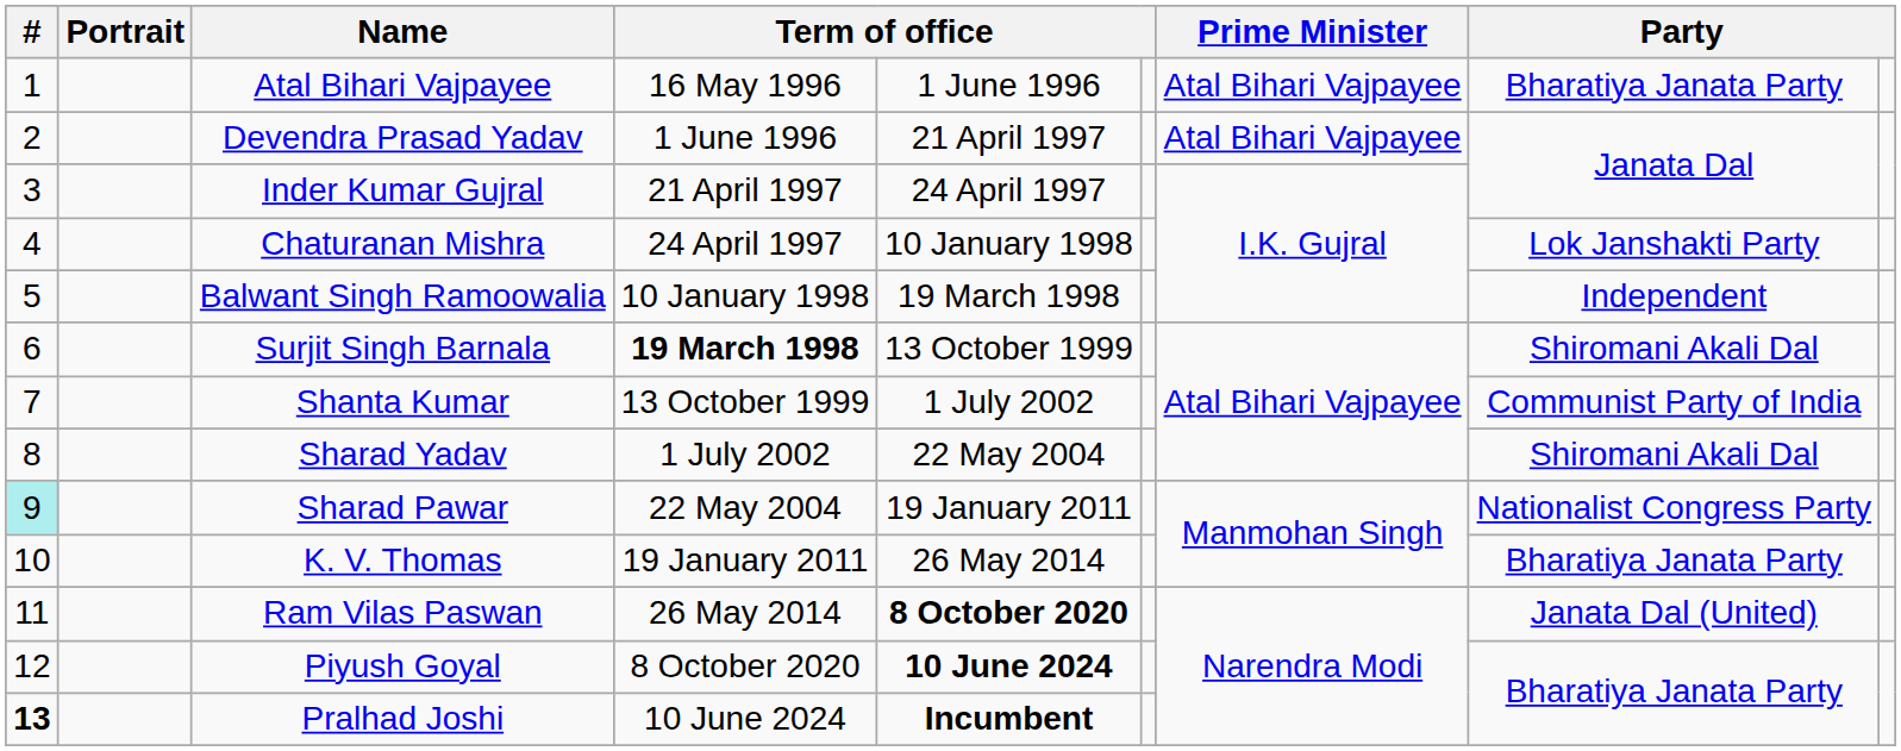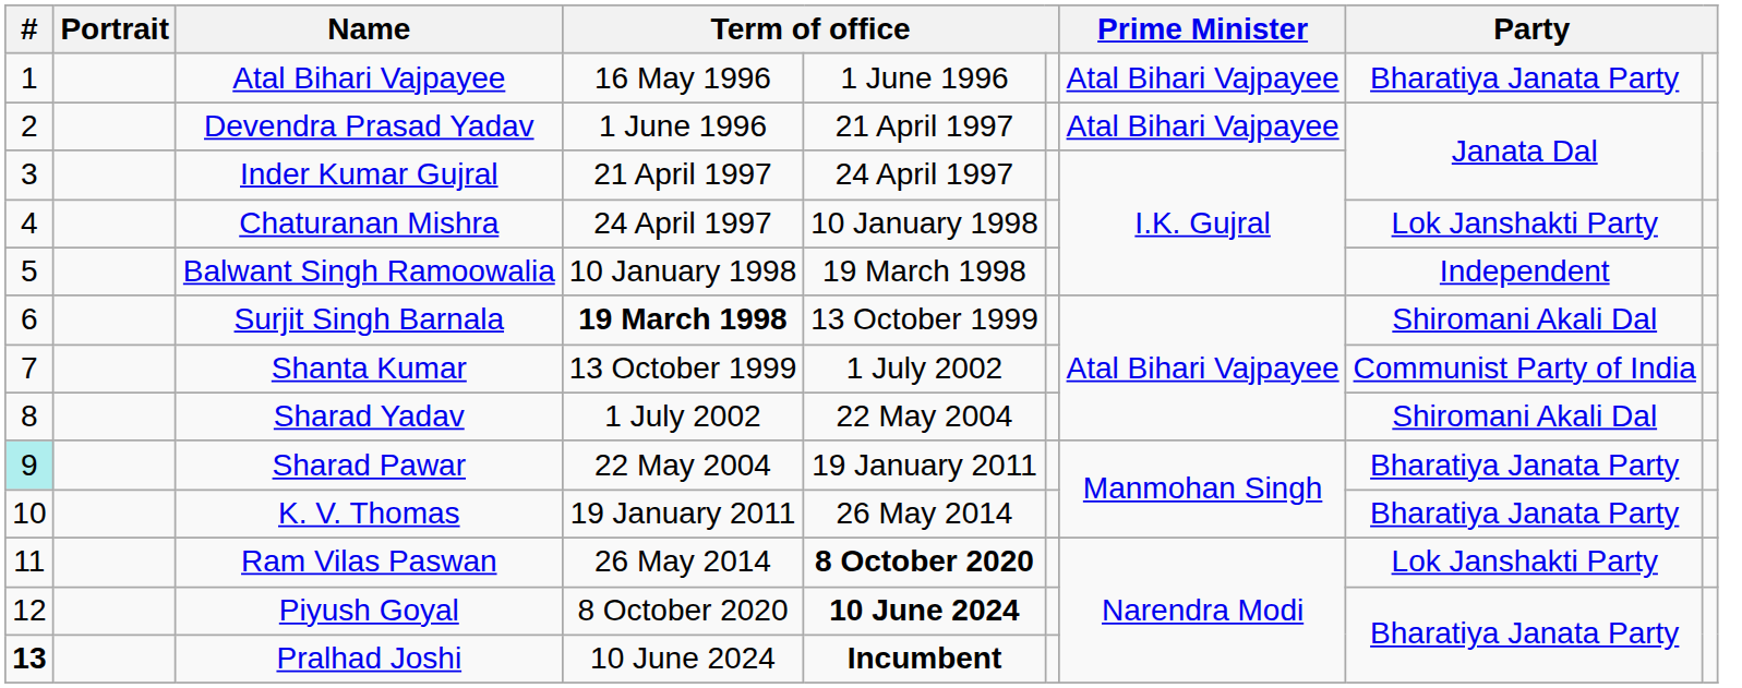 <table class="wikitable" style="text-align:center">
 <tr>
 <th>#</th>
 <th>Portrait</th>
 <th>Name</th>
 <th colspan="3">Term of office</th>
 <th><a href='#'>Prime Minister</a></th>
 <th colspan="2">Party</th>
 </tr>
 <tr>
 <td>1</td>
 <td></td>
 <td><a href='#'>Atal Bihari Vajpayee</a></td>
 <td>16 May 1996</td>
 <td>1 June 1996</td>
 <td></td>
 <td><a href='#'>Atal Bihari Vajpayee</a></td>
 <td><a href='#'>Bharatiya Janata Party</a></td>
 <td></td>
 </tr>
 <tr>
 <td>2</td>
 <td></td>
 <td><a href='#'>Devendra Prasad Yadav</a></td>
 <td>1 June 1996</td>
 <td>21 April 1997</td>
 <td></td>
 <td><a href='#'>Atal Bihari Vajpayee</a></td>
 <td rowspan="2"><a href='#'>Janata Dal</a></td>
 <td rowspan="2"></td>
 </tr>
 <tr>
 <td>3</td>
 <td></td>
 <td><a href='#'>Inder Kumar Gujral</a></td>
 <td>21 April 1997</td>
 <td>24 April 1997</td>
 <td></td>
 <td rowspan="3"><a href='#'>I.K. Gujral</a></td>
 </tr>
 <tr>
 <td>4</td>
 <td></td>
 <td><a href='#'>Chaturanan Mishra</a></td>
 <td>24 April 1997</td>
 <td>10 January 1998</td>
 <td></td>
 <td><a href='#'>Lok Janshakti Party</a></td>
 <td></td>
 </tr>
 <tr>
 <td>5</td>
 <td></td>
 <td><a href='#'>Balwant Singh Ramoowalia</a></td>
 <td>10 January 1998</td>
 <td>19 March 1998</td>
 <td></td>
 <td><a href='#'>Independent</a></td>
 <td></td>
 </tr>
 <tr>
 <td>6</td>
 <td></td>
 <td><a href='#'>Surjit Singh Barnala</a></td>
 <td><strong>19 March 1998</strong></td>
 <td>13 October 1999</td>
 <td></td>
 <td rowspan="3"><a href='#'>Atal Bihari Vajpayee</a></td>
 <td><a href='#'>Shiromani Akali Dal</a></td>
 <td></td>
 </tr>
 <tr>
 <td>7</td>
 <td></td>
 <td><a href='#'>Shanta Kumar</a></td>
 <td>13 October 1999</td>
 <td>1 July 2002</td>
 <td></td>
 <td><a href='#'>Communist Party of India</a></td>
 <td></td>
 </tr>
 <tr>
 <td>8</td>
 <td></td>
 <td><a href='#'>Sharad Yadav</a></td>
 <td>1 July 2002</td>
 <td>22 May 2004</td>
 <td></td>
 <td><a href='#'>Shiromani Akali Dal</a></td>
 <td></td>
 </tr>
 <tr>
 <td style="background: paleturquoise;">9</td>
 <td></td>
 <td><a href='#'>Sharad Pawar</a></td>
 <td>22 May 2004</td>
 <td>19 January 2011</td>
 <td></td>
 <td rowspan="2"><a href='#'>Manmohan Singh</a></td>
-<td><a href='#'>Nationalist Congress Party</a></td>
+<td><a href='#'>Bharatiya Janata Party</a></td>
 <td></td>
 </tr>
 <tr>
 <td>10</td>
 <td></td>
 <td><a href='#'>K. V. Thomas</a></td>
 <td>19 January 2011</td>
 <td>26 May 2014</td>
 <td></td>
 <td><a href='#'>Bharatiya Janata Party</a></td>
 <td></td>
 </tr>
 <tr>
 <td>11</td>
 <td></td>
 <td><a href='#'>Ram Vilas Paswan</a></td>
 <td>26 May 2014</td>
 <td><strong>8 October 2020</strong></td>
 <td></td>
 <td rowspan="3"><a href='#'>Narendra Modi</a></td>
-<td><a href='#'>Janata Dal (United)</a></td>
+<td><a href='#'>Lok Janshakti Party</a></td>
 <td></td>
 </tr>
 <tr>
 <td>12</td>
 <td></td>
 <td><a href='#'>Piyush Goyal</a></td>
 <td>8 October 2020</td>
 <td><strong>10 June 2024</strong></td>
 <td></td>
 <td rowspan="2"><a href='#'>Bharatiya Janata Party</a></td>
 <td rowspan=2></td>
 </tr>
 <tr>
 <td><strong>13</strong></td>
 <td></td>
 <td><a href='#'>Pralhad Joshi</a></td>
 <td>10 June 2024</td>
 <td><strong>Incumbent</strong></td>
 <td></td>
 </tr>
 </table>
